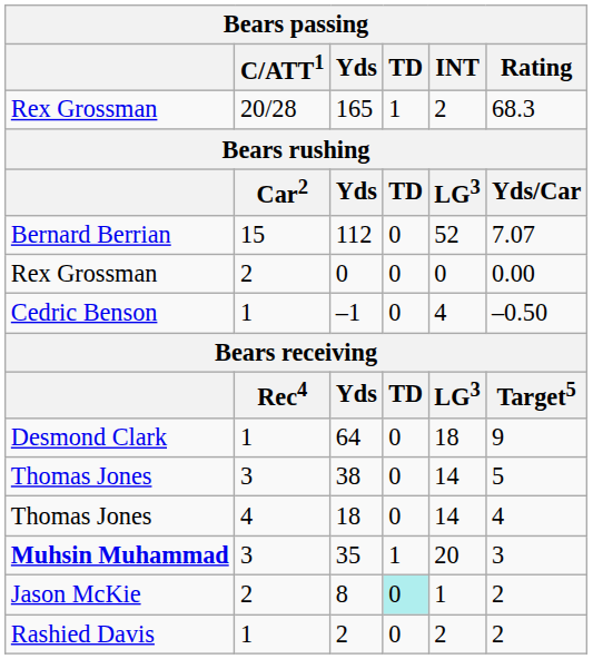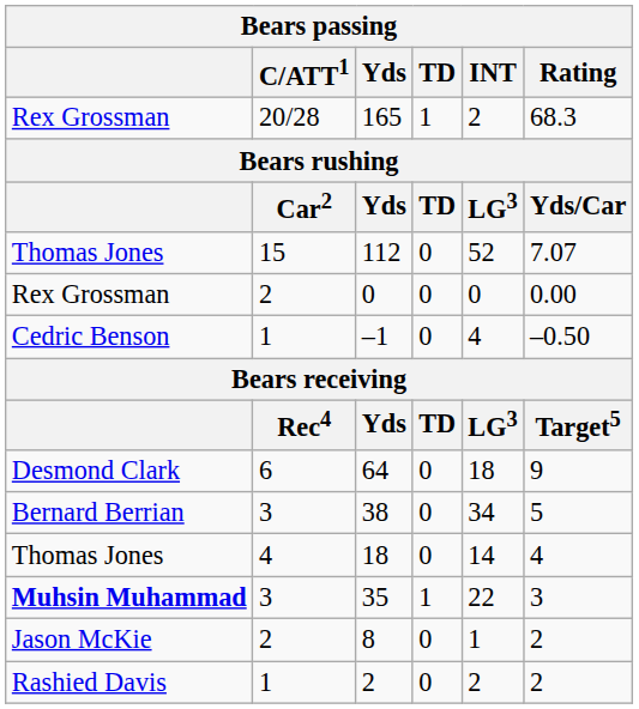 <table class="wikitable">
 <tr>
 <th colspan="6">Bears passing</th>
 </tr>
 <tr>
 <th></th>
 <th>C/ATT<sup>1</sup></th>
 <th>Yds</th>
 <th>TD</th>
 <th>INT</th>
 <th>Rating</th>
 </tr>
 <tr>
 <td><a href='#'>Rex Grossman</a></td>
 <td>20/28</td>
 <td>165</td>
 <td>1</td>
 <td>2</td>
 <td>68.3</td>
 </tr>
 <tr>
 <th colspan="6">Bears rushing</th>
 </tr>
 <tr>
 <th></th>
 <th>Car<sup>2</sup></th>
 <th>Yds</th>
 <th>TD</th>
 <th>LG<sup>3</sup></th>
 <th>Yds/Car</th>
 </tr>
 <tr>
-<td><a href='#'>Bernard Berrian</a></td>
+<td><a href='#'>Thomas Jones</a></td>
 <td>15</td>
 <td>112</td>
 <td>0</td>
 <td>52</td>
 <td>7.07</td>
 </tr>
 <tr>
 <td>Rex Grossman</td>
 <td>2</td>
 <td>0</td>
 <td>0</td>
 <td>0</td>
 <td>0.00</td>
 </tr>
 <tr>
 <td><a href='#'>Cedric Benson</a></td>
 <td>1</td>
 <td>–1</td>
 <td>0</td>
 <td>4</td>
 <td>–0.50</td>
 </tr>
 <tr>
 <th colspan="6">Bears receiving</th>
 </tr>
 <tr>
 <th></th>
 <th>Rec<sup>4</sup></th>
 <th>Yds</th>
 <th>TD</th>
 <th>LG<sup>3</sup></th>
 <th>Target<sup>5</sup></th>
 </tr>
 <tr>
 <td><a href='#'>Desmond Clark</a></td>
-<td>1</td>
+<td>6</td>
 <td>64</td>
 <td>0</td>
 <td>18</td>
 <td>9</td>
 </tr>
 <tr>
-<td><a href='#'>Thomas Jones</a></td>
+<td><a href='#'>Bernard Berrian</a></td>
 <td>3</td>
 <td>38</td>
 <td>0</td>
-<td>14</td>
+<td>34</td>
 <td>5</td>
 </tr>
 <tr>
 <td>Thomas Jones</td>
 <td>4</td>
 <td>18</td>
 <td>0</td>
 <td>14</td>
 <td>4</td>
 </tr>
 <tr>
 <td><strong><a href='#'>Muhsin Muhammad</a></strong></td>
 <td>3</td>
 <td>35</td>
 <td>1</td>
-<td>20</td>
+<td>22</td>
 <td>3</td>
 </tr>
 <tr>
 <td><a href='#'>Jason McKie</a></td>
 <td>2</td>
 <td>8</td>
-<td style="background: paleturquoise;">0</td>
+<td>0</td>
 <td>1</td>
 <td>2</td>
 </tr>
 <tr>
 <td><a href='#'>Rashied Davis</a></td>
 <td>1</td>
 <td>2</td>
 <td>0</td>
 <td>2</td>
 <td>2</td>
 </tr>
 </table>
